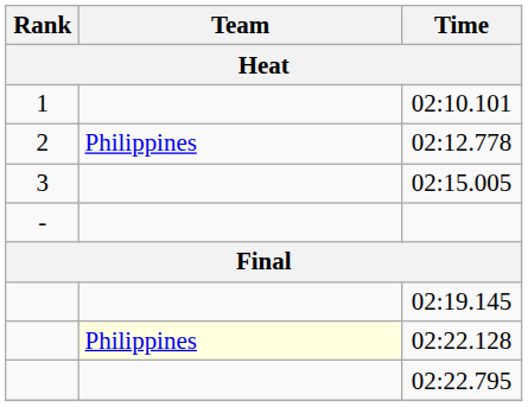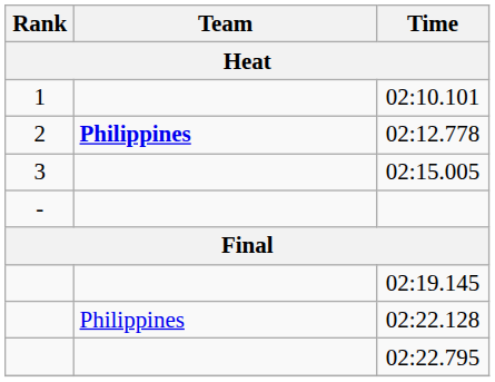 <table class=wikitable style="text-align:center">
 <tr>
 <th width=40>Rank</th>
 <th width=200>Team</th>
 <th width=70>Time</th>
 </tr>
 <tr>
 <th colspan=3>Heat</th>
 </tr>
 <tr>
 <td>1</td>
 <td align=left></td>
 <td>02:10.101</td>
 </tr>
 <tr>
 <td>2</td>
-<td align=left> <a href='#'>Philippines</a></td>
+<td align=left><strong> <a href='#'>Philippines</a></strong></td>
 <td>02:12.778</td>
 </tr>
 <tr>
 <td>3</td>
 <td align=left></td>
 <td>02:15.005</td>
 </tr>
 <tr>
 <td>-</td>
 <td align=left></td>
 <td></td>
 </tr>
 <tr>
 <th colspan=3>Final</th>
 </tr>
 <tr>
 <td></td>
 <td align=left></td>
 <td>02:19.145</td>
 </tr>
 <tr>
 <td></td>
-<td align=left style="background: lightyellow;"> <a href='#'>Philippines</a></td>
+<td align=left> <a href='#'>Philippines</a></td>
 <td>02:22.128</td>
 </tr>
 <tr>
 <td></td>
 <td align=left></td>
 <td>02:22.795</td>
 </tr>
 <tr>
 </tr>
 </table>
